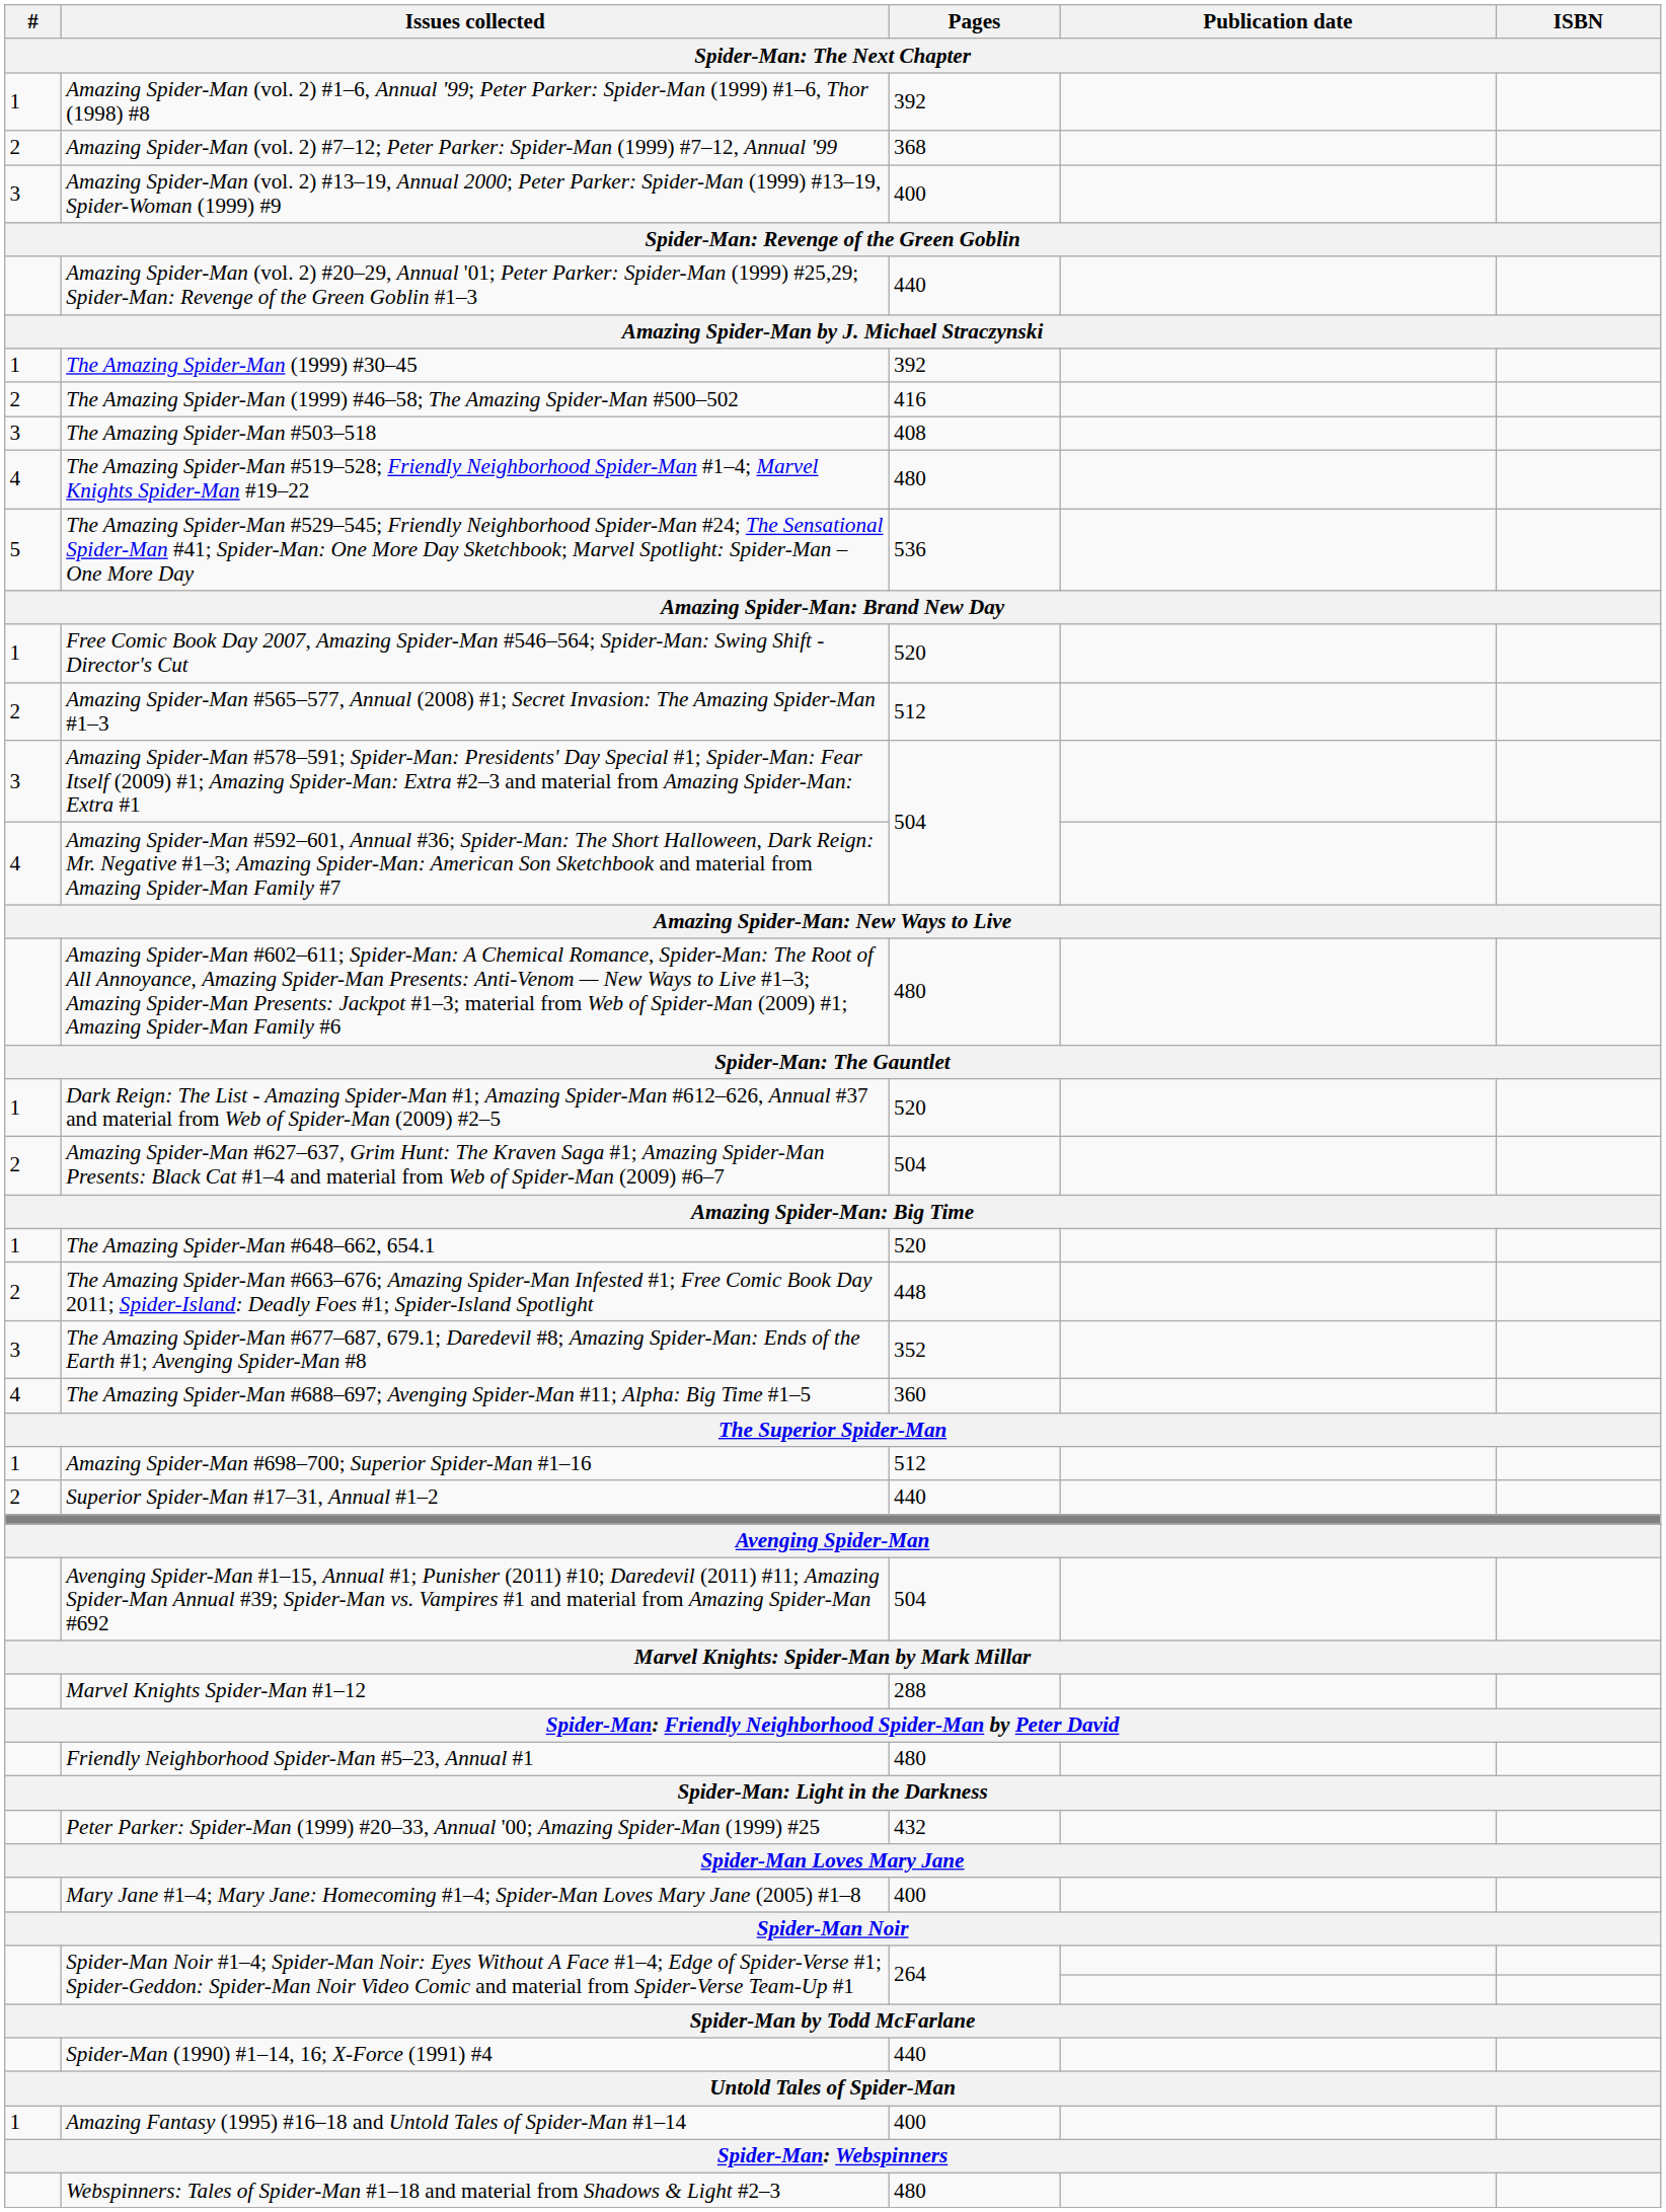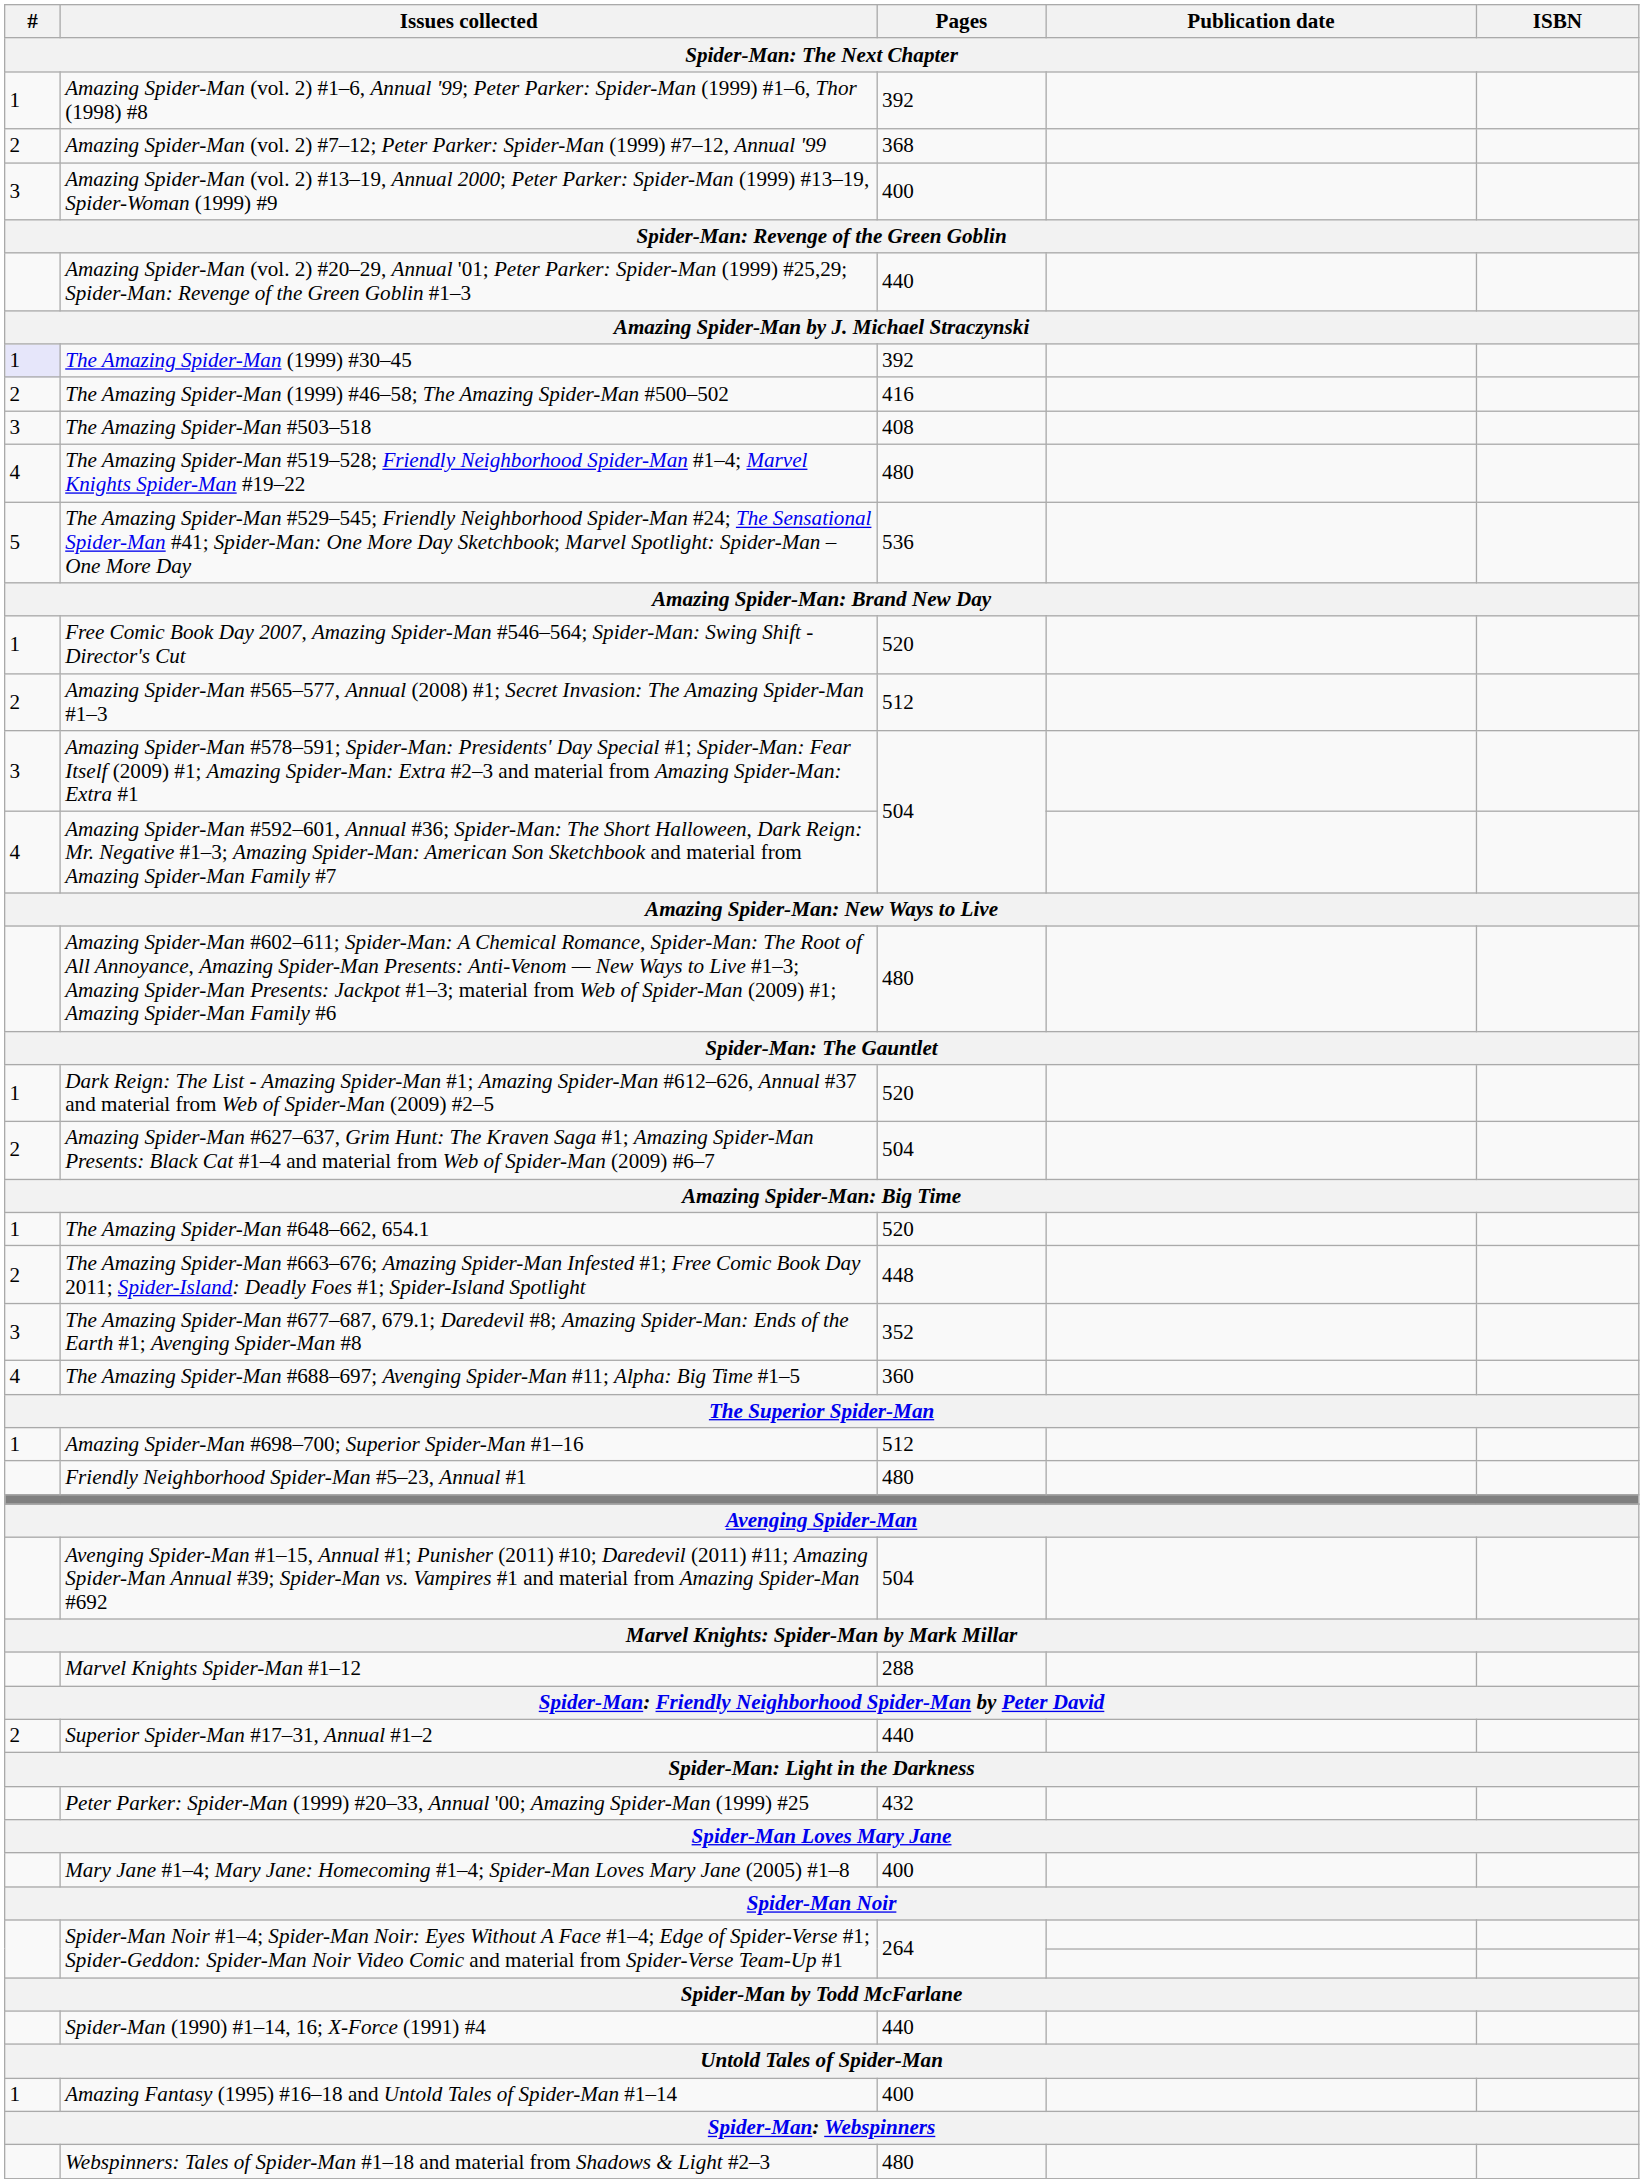 <table class="wikitable sortable" width=98%>
 <tr>
 <th class="unsortable">#</th>
 <th class="unsortable" width="50%">Issues collected</th>
 <th>Pages</th>
 <th>Publication date</th>
 <th class="unsortable">ISBN</th>
 </tr>
 <tr>
 <th colspan="5"><strong><em>Spider-Man: The Next Chapter</em></strong></th>
 </tr>
 <tr>
 <td>1</td>
 <td><em>Amazing Spider-Man</em> (vol. 2) #1–6, <em>Annual '99</em>; <em>Peter Parker: Spider-Man</em> (1999) #1–6, <em>Thor</em> (1998) #8</td>
 <td>392</td>
 <td></td>
 <td></td>
 </tr>
 <tr>
 <td>2</td>
 <td><em>Amazing Spider-Man</em> (vol. 2) #7–12; <em>Peter Parker: Spider-Man</em> (1999) #7–12, <em>Annual '99</em></td>
 <td>368</td>
 <td></td>
 <td></td>
 </tr>
 <tr>
 <td>3</td>
 <td><em>Amazing Spider-Man</em> (vol. 2) #13–19, <em>Annual 2000</em>; <em>Peter Parker: Spider-Man</em> (1999) #13–19, <em>Spider-Woman</em> (1999) #9</td>
 <td>400</td>
 <td></td>
 <td></td>
 </tr>
 <tr>
 <th colspan="5"><strong><em>Spider-Man: Revenge of the Green Goblin</em></strong></th>
 </tr>
 <tr>
 <td></td>
 <td><em>Amazing Spider-Man</em> (vol. 2) #20–29, <em>Annual</em> '01; <em>Peter Parker: Spider-Man</em> (1999) #25,29; <em>Spider-Man: Revenge of the Green Goblin</em> #1–3</td>
 <td>440</td>
 <td></td>
 <td></td>
 </tr>
 <tr>
 <th colspan="5"><strong><em>Amazing Spider-Man by J. Michael Straczynski</em></strong></th>
 </tr>
 <tr>
-<td>1</td>
+<td style="background: lavender;">1</td>
 <td><em><a href='#'>The Amazing Spider-Man</a></em> (1999) #30–45</td>
 <td>392</td>
 <td></td>
 <td></td>
 </tr>
 <tr>
 <td>2</td>
 <td><em>The Amazing Spider-Man</em> (1999) #46–58; <em>The Amazing Spider-Man</em> #500–502</td>
 <td>416</td>
 <td></td>
 <td></td>
 </tr>
 <tr>
 <td>3</td>
 <td><em>The Amazing Spider-Man</em> #503–518</td>
 <td>408</td>
 <td></td>
 <td></td>
 </tr>
 <tr>
 <td>4</td>
 <td><em>The Amazing Spider-Man</em> #519–528; <em><a href='#'>Friendly Neighborhood Spider-Man</a></em> #1–4; <em><a href='#'>Marvel Knights Spider-Man</a></em> #19–22</td>
 <td>480</td>
 <td></td>
 <td></td>
 </tr>
 <tr>
 <td>5</td>
 <td><em>The Amazing Spider-Man</em> #529–545; <em>Friendly Neighborhood Spider-Man</em> #24; <em><a href='#'>The Sensational Spider-Man</a></em> #41; <em>Spider-Man: One More Day Sketchbook</em>; <em>Marvel Spotlight: Spider-Man – One More Day</em></td>
 <td>536</td>
 <td></td>
 <td></td>
 </tr>
 <tr>
 <th colspan="5"><strong><em>Amazing Spider-Man: Brand New Day</em></strong></th>
 </tr>
 <tr>
 <td>1</td>
 <td><em>Free Comic Book Day 2007</em>, <em>Amazing Spider-Man</em> #546–564; <em>Spider-Man: Swing Shift - Director's Cut</em></td>
 <td>520</td>
 <td></td>
 <td></td>
 </tr>
 <tr>
 <td>2</td>
 <td><em>Amazing Spider-Man</em> #565–577, <em>Annual</em> (2008) #1; <em>Secret Invasion: The Amazing Spider-Man</em> #1–3</td>
 <td>512</td>
 <td></td>
 <td></td>
 </tr>
 <tr>
 <td>3</td>
 <td><em>Amazing Spider-Man</em> #578–591; <em>Spider-Man: Presidents' Day Special</em> #1; <em>Spider-Man: Fear Itself</em> (2009) #1; <em>Amazing Spider-Man: Extra</em> #2–3 and material from <em>Amazing Spider-Man: Extra</em> #1</td>
 <td rowspan="2">504</td>
 <td></td>
 <td></td>
 </tr>
 <tr>
 <td>4</td>
 <td><em>Amazing Spider-Man</em> #592–601, <em>Annual</em> #36; <em>Spider-Man: The Short Halloween</em>, <em>Dark Reign: Mr. Negative</em> #1–3; <em>Amazing Spider-Man: American Son Sketchbook</em> and material from <em>Amazing Spider-Man Family</em> #7</td>
 <td></td>
 <td></td>
 </tr>
 <tr>
 <th colspan="5"><strong><em>Amazing Spider-Man: New Ways to Live</em></strong></th>
 </tr>
 <tr>
 <td></td>
 <td><em>Amazing Spider-Man</em> #602–611; <em>Spider-Man: A Chemical Romance</em>, <em>Spider-Man: The Root of All Annoyance</em>, <em>Amazing Spider-Man Presents: Anti-Venom — New Ways to Live</em> #1–3; <em>Amazing Spider-Man Presents: Jackpot</em> #1–3; material from <em>Web of Spider-Man</em> (2009) #1; <em>Amazing Spider-Man Family</em> #6</td>
 <td>480</td>
 <td></td>
 <td></td>
 </tr>
 <tr>
 <th colspan="5"><strong><em>Spider-Man: The Gauntlet</em></strong></th>
 </tr>
 <tr>
 <td>1</td>
 <td><em>Dark Reign: The List - Amazing Spider-Man</em> #1; <em>Amazing Spider-Man</em> #612–626, <em>Annual</em> #37 and material from <em>Web of Spider-Man</em> (2009) #2–5</td>
 <td>520</td>
 <td></td>
 <td></td>
 </tr>
 <tr>
 <td>2</td>
 <td><em>Amazing Spider-Man</em> #627–637, <em>Grim Hunt: The Kraven Saga</em> #1; <em>Amazing Spider-Man Presents: Black Cat</em> #1–4 and material from <em>Web of Spider-Man</em> (2009) #6–7</td>
 <td>504</td>
 <td></td>
 <td></td>
 </tr>
 <tr>
 <th colspan="5"><strong><em>Amazing Spider-Man: Big Time</em></strong></th>
 </tr>
 <tr>
 <td>1</td>
 <td><em>The Amazing Spider-Man</em> #648–662, 654.1</td>
 <td>520</td>
 <td></td>
 <td></td>
 </tr>
 <tr>
 <td>2</td>
 <td><em>The Amazing Spider-Man</em> #663–676; <em>Amazing Spider-Man Infested</em> #1; <em>Free Comic Book Day</em> 2011; <em><a href='#'>Spider-Island</a>: Deadly Foes</em> #1; <em>Spider-Island Spotlight</em></td>
 <td>448</td>
 <td></td>
 <td></td>
 </tr>
 <tr>
 <td>3</td>
 <td><em>The Amazing Spider-Man</em> #677–687, 679.1; <em>Daredevil</em> #8; <em>Amazing Spider-Man: Ends of the Earth</em> #1; <em>Avenging Spider-Man</em> #8</td>
 <td>352</td>
 <td></td>
 <td></td>
 </tr>
 <tr>
 <td>4</td>
 <td><em>The Amazing Spider-Man</em> #688–697; <em>Avenging Spider-Man</em> #11; <em>Alpha: Big Time</em> #1–5</td>
 <td>360</td>
 <td></td>
 <td></td>
 </tr>
 <tr>
 <th colspan="5"><strong><em><a href='#'>The Superior Spider-Man</a></em></strong></th>
 </tr>
 <tr>
 <td>1</td>
 <td><em>Amazing Spider-Man</em> #698–700; <em>Superior Spider-Man</em> #1–16</td>
 <td>512</td>
 <td></td>
 <td></td>
 </tr>
 <tr>
-<td>2</td>
-<td><em>Superior Spider-Man</em> #17–31, <em>Annual</em> #1–2</td>
-<td>440</td>
+<td></td>
+<td><em>Friendly Neighborhood Spider-Man</em> #5–23, <em>Annual</em> #1</td>
+<td>480</td>
 <td></td>
 <td></td>
 </tr>
 <tr>
 <td colspan="5" style="background-color: grey;"></td>
 </tr>
 <tr>
 </tr>
 <tr>
 <th colspan="5"><strong><em><a href='#'>Avenging Spider-Man</a></em></strong></th>
 </tr>
 <tr>
 <td></td>
 <td><em>Avenging Spider-Man</em> #1–15, <em>Annual</em> #1; <em>Punisher</em> (2011) #10; <em>Daredevil</em> (2011) #11; <em>Amazing Spider-Man Annual</em> #39; <em>Spider-Man vs. Vampires</em> #1 and material from <em>Amazing Spider-Man</em> #692</td>
 <td>504</td>
 <td></td>
 <td></td>
 </tr>
 <tr>
 <th colspan="5"><strong><em>Marvel Knights: Spider-Man by Mark Millar</em></strong></th>
 </tr>
 <tr>
 <td></td>
 <td><em>Marvel Knights Spider-Man</em> #1–12</td>
 <td>288</td>
 <td></td>
 <td></td>
 </tr>
 <tr>
 <th colspan="5"><strong><em><a href='#'>Spider-Man</a>: <a href='#'>Friendly Neighborhood Spider-Man</a> by <a href='#'>Peter David</a></em></strong></th>
 </tr>
 <tr>
-<td></td>
-<td><em>Friendly Neighborhood Spider-Man</em> #5–23, <em>Annual</em> #1</td>
-<td>480</td>
+<td>2</td>
+<td><em>Superior Spider-Man</em> #17–31, <em>Annual</em> #1–2</td>
+<td>440</td>
 <td></td>
 <td></td>
 </tr>
 <tr>
 <th colspan="5"><strong><em>Spider-Man: Light in the Darkness</em></strong></th>
 </tr>
 <tr>
 <td></td>
 <td><em>Peter Parker: Spider-Man</em> (1999) #20–33, <em>Annual</em> '00; <em>Amazing Spider-Man</em> (1999) #25</td>
 <td>432</td>
 <td></td>
 <td></td>
 </tr>
 <tr>
 <th colspan="5"><strong><em><a href='#'>Spider-Man Loves Mary Jane</a></em></strong></th>
 </tr>
 <tr>
 <td></td>
 <td><em>Mary Jane</em> #1–4; <em>Mary Jane: Homecoming</em> #1–4; <em>Spider-Man Loves Mary Jane</em> (2005) #1–8</td>
 <td>400</td>
 <td></td>
 <td></td>
 </tr>
 <tr>
 <th colspan=5><strong><em><a href='#'>Spider-Man Noir</a></em></strong></th>
 </tr>
 <tr>
 <td rowspan=2></td>
 <td rowspan=2><em>Spider-Man Noir</em> #1–4; <em>Spider-Man Noir: Eyes Without A Face</em> #1–4; <em>Edge of Spider-Verse</em> #1; <em>Spider-Geddon: Spider-Man Noir Video Comic</em> and material from <em>Spider-Verse Team-Up</em> #1</td>
 <td rowspan=2>264</td>
 <td></td>
 <td></td>
 </tr>
 <tr>
 <td></td>
 <td></td>
 </tr>
 <tr>
 <th colspan="5"><strong><em>Spider-Man by Todd McFarlane</em></strong></th>
 </tr>
 <tr>
 <td></td>
 <td><em>Spider-Man</em> (1990) #1–14, 16; <em>X-Force</em> (1991) #4</td>
 <td>440</td>
 <td></td>
 <td></td>
 </tr>
 <tr>
 <th colspan="5"><strong><em>Untold Tales of Spider-Man</em></strong></th>
 </tr>
 <tr>
 <td>1</td>
 <td><em>Amazing Fantasy</em> (1995) #16–18 and <em>Untold Tales of Spider-Man</em> #1–14</td>
 <td>400</td>
 <td></td>
 <td></td>
 </tr>
 <tr>
 <th colspan="5"><strong><em><a href='#'>Spider-Man</a>: <a href='#'>Webspinners</a></em></strong></th>
 </tr>
 <tr>
 <td></td>
 <td><em>Webspinners: Tales of Spider-Man</em> #1–18 and material from <em>Shadows & Light</em> #2–3</td>
 <td>480</td>
 <td></td>
 <td></td>
 </tr>
 </table>
